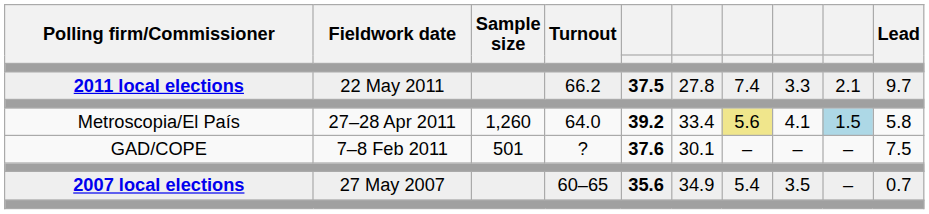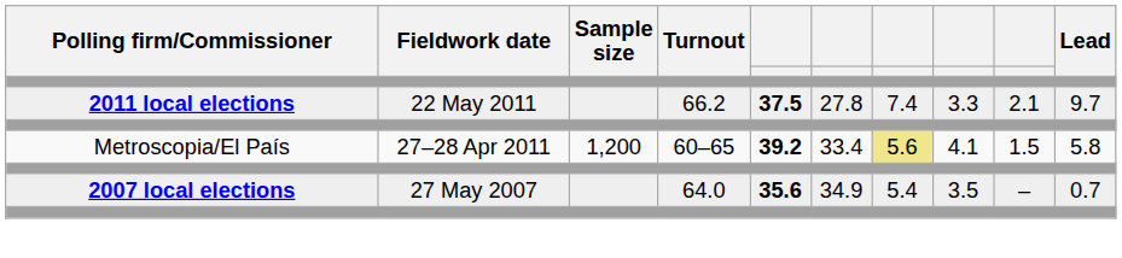 <table class="wikitable collapsible" style="text-align:center; font-size:95%; line-height:16px;">
 <tr style="height:42px;">
 <th style="width:250px;" rowspan="2">Polling firm/Commissioner</th>
 <th style="width:125px;" rowspan="2">Fieldwork date</th>
 <th style="width:50px;" rowspan="2">Sample size</th>
 <th style="width:45px;" rowspan="2">Turnout</th>
 <th style="width:35px;"></th>
 <th style="width:35px;"></th>
 <th style="width:35px;"></th>
 <th style="width:35px;"></th>
 <th style="width:35px;"></th>
 <th style="width:30px;" rowspan="2">Lead</th>
 </tr>
 <tr>
 <th style="color:inherit;background:"></th>
 <th style="color:inherit;background:"></th>
 <th style="color:inherit;background:"></th>
 <th style="color:inherit;background:"></th>
 <th style="color:inherit;background:"></th>
 </tr>
 <tr>
 <td colspan="10" style="background:#A0A0A0"></td>
 </tr>
 <tr style="background:#EFEFEF;">
 <td><strong><a href='#'>2011 local elections</a></strong></td>
 <td>22 May 2011</td>
 <td></td>
 <td>66.2</td>
 <td><strong>37.5</strong></td>
 <td>27.8</td>
 <td>7.4</td>
 <td>3.3</td>
 <td>2.1</td>
 <td style="background:">9.7</td>
 </tr>
 <tr>
 <td colspan="10" style="background:#A0A0A0"></td>
 </tr>
 <tr>
 <td>Metroscopia/El País</td>
 <td>27–28 Apr 2011</td>
-<td>1,260</td>
-<td>64.0</td>
+<td>1,200</td>
+<td>60–65</td>
 <td><strong>39.2</strong></td>
 <td>33.4</td>
 <td style="background: khaki;">5.6</td>
 <td>4.1</td>
-<td style="background: lightblue;">1.5</td>
+<td>1.5</td>
 <td style="background:">5.8</td>
-</tr>
-<tr>
-<td>GAD/COPE</td>
-<td>7–8 Feb 2011</td>
-<td>501</td>
-<td>?</td>
-<td><strong>37.6</strong></td>
-<td>30.1</td>
-<td>–</td>
-<td>–</td>
-<td>–</td>
-<td style="background:">7.5</td>
 </tr>
 <tr>
 <td colspan="10" style="background:#A0A0A0"></td>
 </tr>
 <tr style="background:#EFEFEF;">
 <td><strong><a href='#'>2007 local elections</a></strong></td>
 <td>27 May 2007</td>
 <td></td>
-<td>60–65</td>
+<td>64.0</td>
 <td><strong>35.6</strong></td>
 <td>34.9</td>
 <td>5.4</td>
 <td>3.5</td>
 <td>–</td>
 <td style="background:">0.7</td>
 </tr>
 <tr>
 <td colspan="10" style="background:#A0A0A0"></td>
 </tr>
 </table>
